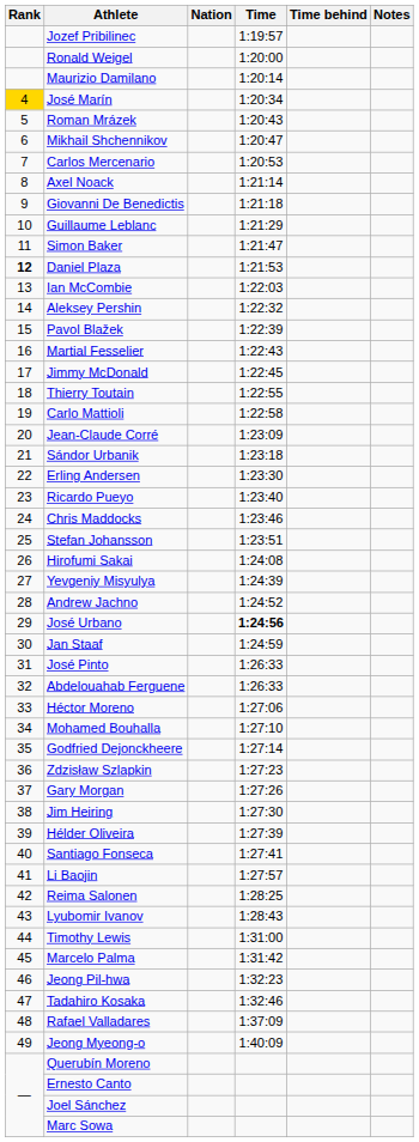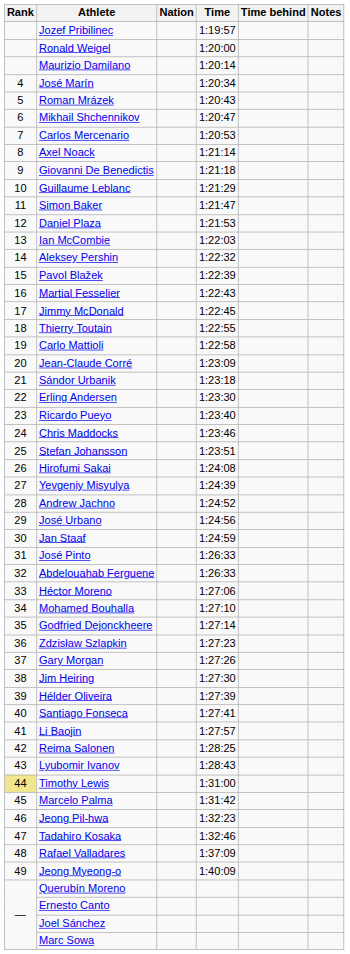 <table class="wikitable sortable" style="text-align:center">
 <tr>
 <th>Rank</th>
 <th>Athlete</th>
 <th>Nation</th>
 <th>Time</th>
 <th>Time behind</th>
 <th>Notes</th>
 </tr>
 <tr>
 <td></td>
 <td align=left><a href='#'>Jozef Pribilinec</a></td>
 <td align=left></td>
 <td>1:19:57</td>
 <td></td>
 <td></td>
 </tr>
 <tr>
 <td></td>
 <td align=left><a href='#'>Ronald Weigel</a></td>
 <td align=left></td>
 <td>1:20:00</td>
 <td></td>
 <td></td>
 </tr>
 <tr>
 <td></td>
 <td align=left><a href='#'>Maurizio Damilano</a></td>
 <td align=left></td>
 <td>1:20:14</td>
 <td></td>
 <td></td>
 </tr>
 <tr>
-<td style="background: gold;">4</td>
+<td>4</td>
 <td align=left><a href='#'>José Marín</a></td>
 <td align=left></td>
 <td>1:20:34</td>
 <td></td>
 <td></td>
 </tr>
 <tr>
 <td>5</td>
 <td align=left><a href='#'>Roman Mrázek</a></td>
 <td align=left></td>
 <td>1:20:43</td>
 <td></td>
 <td></td>
 </tr>
 <tr>
 <td>6</td>
 <td align=left><a href='#'>Mikhail Shchennikov</a></td>
 <td align=left></td>
 <td>1:20:47</td>
 <td></td>
 <td></td>
 </tr>
 <tr>
 <td>7</td>
 <td align=left><a href='#'>Carlos Mercenario</a></td>
 <td align=left></td>
 <td>1:20:53</td>
 <td></td>
 <td></td>
 </tr>
 <tr>
 <td>8</td>
 <td align=left><a href='#'>Axel Noack</a></td>
 <td align=left></td>
 <td>1:21:14</td>
 <td></td>
 <td></td>
 </tr>
 <tr>
 <td>9</td>
 <td align=left><a href='#'>Giovanni De Benedictis</a></td>
 <td align=left></td>
 <td>1:21:18</td>
 <td></td>
 <td></td>
 </tr>
 <tr>
 <td>10</td>
 <td align=left><a href='#'>Guillaume Leblanc</a></td>
 <td align=left></td>
 <td>1:21:29</td>
 <td></td>
 <td></td>
 </tr>
 <tr>
 <td>11</td>
 <td align=left><a href='#'>Simon Baker</a></td>
 <td align=left></td>
 <td>1:21:47</td>
 <td></td>
 <td></td>
 </tr>
 <tr>
-<td><strong>12</strong></td>
+<td>12</td>
 <td align=left><a href='#'>Daniel Plaza</a></td>
 <td align=left></td>
 <td>1:21:53</td>
 <td></td>
 <td></td>
 </tr>
 <tr>
 <td>13</td>
 <td align=left><a href='#'>Ian McCombie</a></td>
 <td align=left></td>
 <td>1:22:03</td>
 <td></td>
 <td></td>
 </tr>
 <tr>
 <td>14</td>
 <td align=left><a href='#'>Aleksey Pershin</a></td>
 <td align=left></td>
 <td>1:22:32</td>
 <td></td>
 <td></td>
 </tr>
 <tr>
 <td>15</td>
 <td align=left><a href='#'>Pavol Blažek</a></td>
 <td align=left></td>
 <td>1:22:39</td>
 <td></td>
 <td></td>
 </tr>
 <tr>
 <td>16</td>
 <td align=left><a href='#'>Martial Fesselier</a></td>
 <td align=left></td>
 <td>1:22:43</td>
 <td></td>
 <td></td>
 </tr>
 <tr>
 <td>17</td>
 <td align=left><a href='#'>Jimmy McDonald</a></td>
 <td align=left></td>
 <td>1:22:45</td>
 <td></td>
 </tr>
 <tr>
 <td>18</td>
 <td align=left><a href='#'>Thierry Toutain</a></td>
 <td align=left></td>
 <td>1:22:55</td>
 <td></td>
 <td></td>
 </tr>
 <tr>
 <td>19</td>
 <td align=left><a href='#'>Carlo Mattioli</a></td>
 <td align=left></td>
 <td>1:22:58</td>
 <td></td>
 <td></td>
 </tr>
 <tr>
 <td>20</td>
 <td align=left><a href='#'>Jean-Claude Corré</a></td>
 <td align=left></td>
 <td>1:23:09</td>
 <td></td>
 <td></td>
 </tr>
 <tr>
 <td>21</td>
 <td align=left><a href='#'>Sándor Urbanik</a></td>
 <td align=left></td>
 <td>1:23:18</td>
 <td></td>
 <td></td>
 </tr>
 <tr>
 <td>22</td>
 <td align=left><a href='#'>Erling Andersen</a></td>
 <td align=left></td>
 <td>1:23:30</td>
 <td></td>
 <td></td>
 </tr>
 <tr>
 <td>23</td>
 <td align=left><a href='#'>Ricardo Pueyo</a></td>
 <td align=left></td>
 <td>1:23:40</td>
 <td></td>
 <td></td>
 </tr>
 <tr>
 <td>24</td>
 <td align=left><a href='#'>Chris Maddocks</a></td>
 <td align=left></td>
 <td>1:23:46</td>
 <td></td>
 <td></td>
 </tr>
 <tr>
 <td>25</td>
 <td align=left><a href='#'>Stefan Johansson</a></td>
 <td align=left></td>
 <td>1:23:51</td>
 <td></td>
 <td></td>
 </tr>
 <tr>
 <td>26</td>
 <td align=left><a href='#'>Hirofumi Sakai</a></td>
 <td align=left></td>
 <td>1:24:08</td>
 <td></td>
 <td></td>
 </tr>
 <tr>
 <td>27</td>
 <td align=left><a href='#'>Yevgeniy Misyulya</a></td>
 <td align=left></td>
 <td>1:24:39</td>
 <td></td>
 <td></td>
 </tr>
 <tr>
 <td>28</td>
 <td align=left><a href='#'>Andrew Jachno</a></td>
 <td align=left></td>
 <td>1:24:52</td>
 <td></td>
 <td></td>
 </tr>
 <tr>
 <td>29</td>
 <td align=left><a href='#'>José Urbano</a></td>
 <td align=left></td>
-<td><strong>1:24:56</strong></td>
+<td>1:24:56</td>
 <td></td>
 <td></td>
 </tr>
 <tr>
 <td>30</td>
 <td align=left><a href='#'>Jan Staaf</a></td>
 <td align=left></td>
 <td>1:24:59</td>
 <td></td>
 <td></td>
 </tr>
 <tr>
 <td>31</td>
 <td align=left><a href='#'>José Pinto</a></td>
 <td align=left></td>
 <td>1:26:33</td>
 <td></td>
 <td></td>
 </tr>
 <tr>
 <td>32</td>
 <td align=left><a href='#'>Abdelouahab Ferguene</a></td>
 <td align=left></td>
 <td>1:26:33</td>
 <td></td>
 <td></td>
 </tr>
 <tr>
 <td>33</td>
 <td align=left><a href='#'>Héctor Moreno</a></td>
 <td align=left></td>
 <td>1:27:06</td>
 <td></td>
 <td></td>
 </tr>
 <tr>
 <td>34</td>
 <td align=left><a href='#'>Mohamed Bouhalla</a></td>
 <td align=left></td>
 <td>1:27:10</td>
 <td></td>
 <td></td>
 </tr>
 <tr>
 <td>35</td>
 <td align=left><a href='#'>Godfried Dejonckheere</a></td>
 <td align=left></td>
 <td>1:27:14</td>
 <td></td>
 <td></td>
 </tr>
 <tr>
 <td>36</td>
 <td align=left><a href='#'>Zdzisław Szlapkin</a></td>
 <td align=left></td>
 <td>1:27:23</td>
 <td></td>
 <td></td>
 </tr>
 <tr>
 <td>37</td>
 <td align=left><a href='#'>Gary Morgan</a></td>
 <td align=left></td>
 <td>1:27:26</td>
 <td></td>
 <td></td>
 </tr>
 <tr>
 <td>38</td>
 <td align=left><a href='#'>Jim Heiring</a></td>
 <td align=left></td>
 <td>1:27:30</td>
 <td></td>
 <td></td>
 </tr>
 <tr>
 <td>39</td>
 <td align=left><a href='#'>Hélder Oliveira</a></td>
 <td align=left></td>
 <td>1:27:39</td>
 <td></td>
 <td></td>
 </tr>
 <tr>
 <td>40</td>
 <td align=left><a href='#'>Santiago Fonseca</a></td>
 <td align=left></td>
 <td>1:27:41</td>
 <td></td>
 <td></td>
 </tr>
 <tr>
 <td>41</td>
 <td align=left><a href='#'>Li Baojin</a></td>
 <td align=left></td>
 <td>1:27:57</td>
 <td></td>
 <td></td>
 </tr>
 <tr>
 <td>42</td>
 <td align=left><a href='#'>Reima Salonen</a></td>
 <td align=left></td>
 <td>1:28:25</td>
 <td></td>
 <td></td>
 </tr>
 <tr>
 <td>43</td>
 <td align=left><a href='#'>Lyubomir Ivanov</a></td>
 <td align=left></td>
 <td>1:28:43</td>
 <td></td>
 <td></td>
 </tr>
 <tr>
-<td>44</td>
+<td style="background: khaki;">44</td>
 <td align=left><a href='#'>Timothy Lewis</a></td>
 <td align=left></td>
 <td>1:31:00</td>
 <td></td>
 <td></td>
 </tr>
 <tr>
 <td>45</td>
 <td align=left><a href='#'>Marcelo Palma</a></td>
 <td align=left></td>
 <td>1:31:42</td>
 <td></td>
 <td></td>
 </tr>
 <tr>
 <td>46</td>
 <td align=left><a href='#'>Jeong Pil-hwa</a></td>
 <td align=left></td>
 <td>1:32:23</td>
 <td></td>
 <td></td>
 </tr>
 <tr>
 <td>47</td>
 <td align=left><a href='#'>Tadahiro Kosaka</a></td>
 <td align=left></td>
 <td>1:32:46</td>
 <td></td>
 <td></td>
 </tr>
 <tr>
 <td>48</td>
 <td align=left><a href='#'>Rafael Valladares</a></td>
 <td align=left></td>
 <td>1:37:09</td>
 <td></td>
 <td></td>
 </tr>
 <tr>
 <td>49</td>
 <td align=left><a href='#'>Jeong Myeong-o</a></td>
 <td align=left></td>
 <td>1:40:09</td>
 <td></td>
 <td></td>
 </tr>
 <tr>
 <td rowspan="4">—</td>
 <td align=left><a href='#'>Querubín Moreno</a></td>
 <td align=left></td>
 <td></td>
 <td></td>
 <td></td>
 </tr>
 <tr>
 <td align=left><a href='#'>Ernesto Canto</a></td>
 <td align=left></td>
 <td></td>
 <td></td>
 <td></td>
 </tr>
 <tr>
 <td align=left><a href='#'>Joel Sánchez</a></td>
 <td align=left></td>
 <td></td>
 <td></td>
 <td></td>
 </tr>
 <tr>
 <td align=left><a href='#'>Marc Sowa</a></td>
 <td align=left></td>
 <td></td>
 <td></td>
 <td></td>
 </tr>
 </table>
